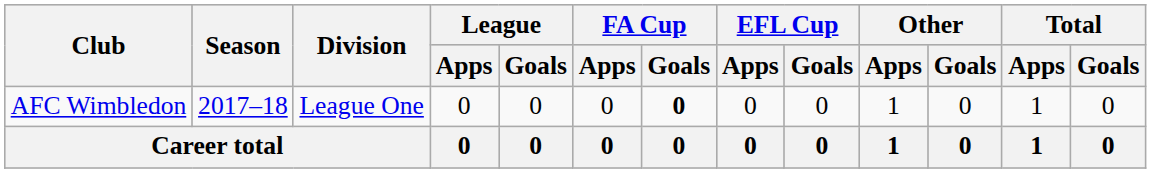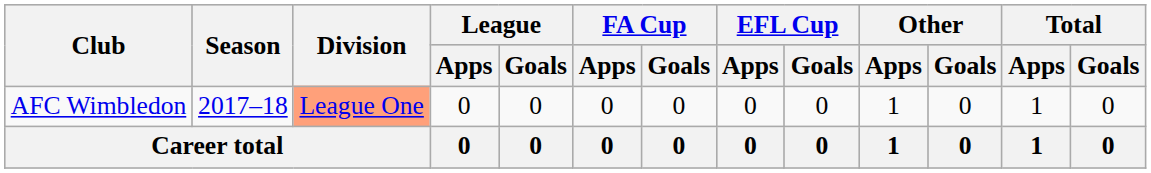 <table class="wikitable" style="text-align:center;">
 <tr>
 <th rowspan="2">Club</th>
 <th rowspan="2">Season</th>
 <th rowspan="2">Division</th>
 <th colspan="2">League</th>
 <th colspan="2"><a href='#'>FA Cup</a></th>
 <th colspan="2"><a href='#'>EFL Cup</a></th>
 <th colspan="2">Other</th>
 <th colspan="2">Total</th>
 </tr>
 <tr>
 <th>Apps</th>
 <th>Goals</th>
 <th>Apps</th>
 <th>Goals</th>
 <th>Apps</th>
 <th>Goals</th>
 <th>Apps</th>
 <th>Goals</th>
 <th>Apps</th>
 <th>Goals</th>
 </tr>
 <tr>
 <td><a href='#'>AFC Wimbledon</a></td>
 <td><a href='#'>2017–18</a></td>
-<td><a href='#'>League One</a></td>
+<td style="background: lightsalmon;"><a href='#'>League One</a></td>
 <td>0</td>
 <td>0</td>
 <td>0</td>
-<td><strong>0</strong></td>
+<td>0</td>
 <td>0</td>
 <td>0</td>
 <td>1</td>
 <td>0</td>
 <td>1</td>
 <td>0</td>
 </tr>
 <tr>
 <th colspan="3">Career total</th>
 <th>0</th>
 <th>0</th>
 <th>0</th>
 <th>0</th>
 <th>0</th>
 <th>0</th>
 <th>1</th>
 <th>0</th>
 <th>1</th>
 <th>0</th>
 </tr>
 </table>
